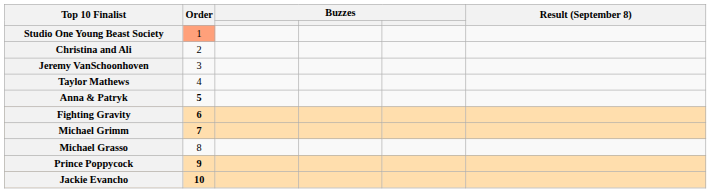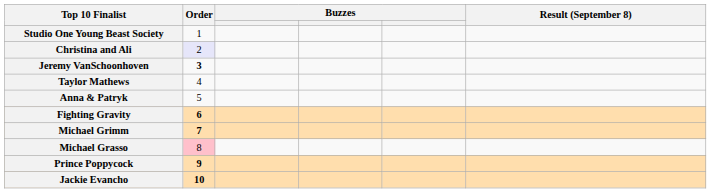 <table class="wikitable plainrowheaders sortable" style="text-align:center;">
 <tr>
 <th scope="col" rowspan="2" class="unsortable" style="width:17em;">Top 10 Finalist</th>
 <th scope="col" rowspan="2" style="width:1em;">Order</th>
 <th scope="col" colspan="3" class="unsortable" style="width:24em;">Buzzes</th>
 <th scope="col" rowspan="2" style="width:23em;">Result (September 8)</th>
 </tr>
 <tr>
 <th scope="col" class="unsortable" style="width:6em;"></th>
 <th scope="col" class="unsortable" style="width:6em;"></th>
 <th scope="col" class="unsortable" style="width:6em;"></th>
 </tr>
 <tr>
 <th scope="row">Studio One Young Beast Society</th>
-<td style="background: lightsalmon;">1</td>
+<td>1</td>
 <td style="text-align:center;"></td>
 <td style="text-align:center;"></td>
 <td style="text-align:center;"></td>
 <td></td>
 </tr>
 <tr>
 <th scope="row">Christina and Ali</th>
-<td>2</td>
+<td style="background: lavender;">2</td>
 <td style="text-align:center;"></td>
 <td style="text-align:center;"></td>
 <td style="text-align:center;"></td>
 <td></td>
 </tr>
 <tr>
 <th scope="row">Jeremy VanSchoonhoven</th>
-<td>3</td>
+<td><strong>3</strong></td>
 <td style="text-align:center;"></td>
 <td style="text-align:center;"></td>
 <td style="text-align:center;"></td>
 <td></td>
 </tr>
 <tr>
 <th scope="row">Taylor Mathews</th>
 <td>4</td>
 <td style="text-align:center;"></td>
 <td style="text-align:center;"></td>
 <td style="text-align:center;"></td>
 <td></td>
 </tr>
 <tr>
 <th scope="row">Anna & Patryk</th>
-<td><strong>5</strong></td>
+<td>5</td>
 <td style="text-align:center;"></td>
 <td style="text-align:center;"></td>
 <td style="text-align:center;"></td>
 <td></td>
 </tr>
 <tr style="background:NavajoWhite;">
 <th scope="row"><strong>Fighting Gravity</strong></th>
 <td><strong>6</strong></td>
 <td style="text-align:center;"></td>
 <td style="text-align:center;"></td>
 <td style="text-align:center;"></td>
 <td><strong></strong></td>
 </tr>
 <tr style="background:NavajoWhite;">
 <th scope="row"><strong>Michael Grimm</strong></th>
 <td><strong>7</strong></td>
 <td style="text-align:center;"></td>
 <td style="text-align:center;"></td>
 <td style="text-align:center;"></td>
 <td><strong></strong></td>
 </tr>
 <tr>
 <th scope="row">Michael Grasso</th>
-<td>8</td>
+<td style="background: pink;">8</td>
 <td style="text-align:center;"></td>
 <td style="text-align:center;"></td>
 <td style="text-align:center;"></td>
 <td></td>
 </tr>
 <tr style="background:NavajoWhite;">
 <th scope="row"><strong>Prince Poppycock</strong></th>
 <td><strong>9</strong></td>
 <td style="text-align:center;"></td>
 <td style="text-align:center;"></td>
 <td style="text-align:center;"></td>
 <td><strong></strong></td>
 </tr>
 <tr style="background:NavajoWhite;">
 <th scope="row"><strong>Jackie Evancho</strong></th>
 <td><strong>10</strong></td>
 <td style="text-align:center;"></td>
 <td style="text-align:center;"></td>
 <td style="text-align:center;"></td>
 <td><strong></strong></td>
 </tr>
 </table>
